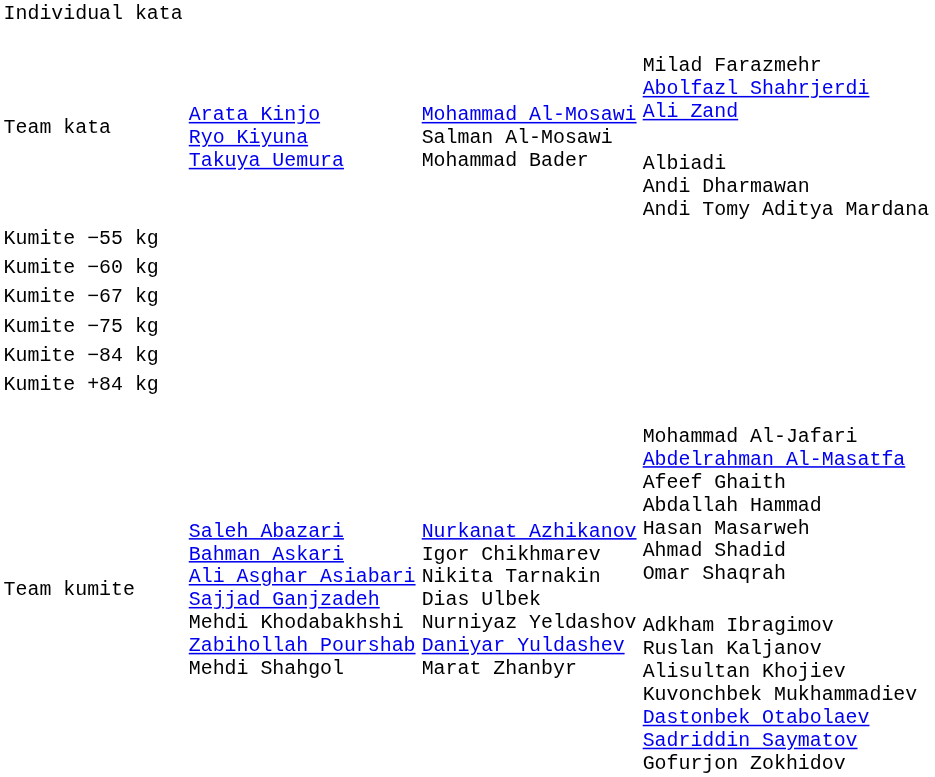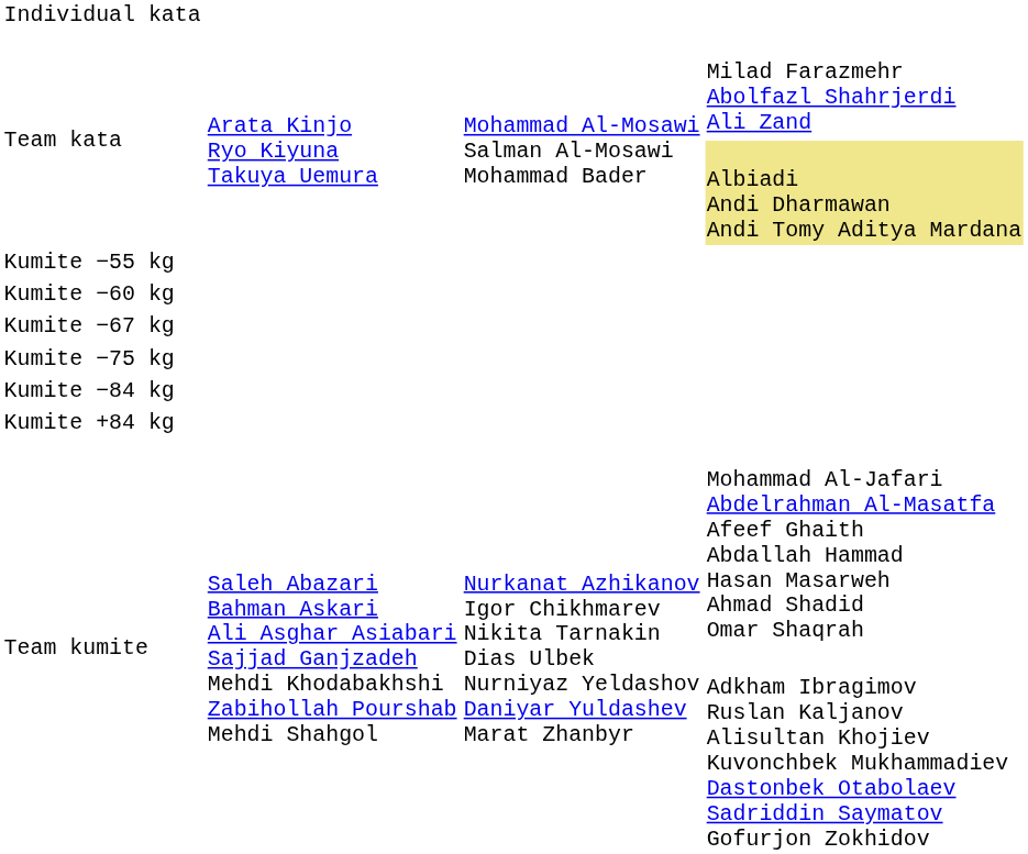 <table>
 <tr>
 <td rowspan=2>Individual kata</td>
 <td rowspan=2></td>
 <td rowspan=2></td>
 <td></td>
 </tr>
 <tr>
 <td></td>
 </tr>
 <tr>
 <td rowspan=2>Team kata</td>
 <td rowspan=2><br><a href='#'>Arata Kinjo</a><br><a href='#'>Ryo Kiyuna</a><br><a href='#'>Takuya Uemura</a></td>
 <td rowspan=2><br><a href='#'>Mohammad Al-Mosawi</a><br>Salman Al-Mosawi<br>Mohammad Bader</td>
 <td><br>Milad Farazmehr<br><a href='#'>Abolfazl Shahrjerdi</a><br><a href='#'>Ali Zand</a></td>
 </tr>
 <tr>
-<td><br>Albiadi<br>Andi Dharmawan<br>Andi Tomy Aditya Mardana</td>
+<td style="background: khaki;"><br>Albiadi<br>Andi Dharmawan<br>Andi Tomy Aditya Mardana</td>
 </tr>
 <tr>
 <td rowspan=2>Kumite −55 kg</td>
 <td rowspan=2></td>
 <td rowspan=2></td>
 <td></td>
 </tr>
 <tr>
 <td></td>
 </tr>
 <tr>
 <td rowspan=2>Kumite −60 kg</td>
 <td rowspan=2></td>
 <td rowspan=2></td>
 <td></td>
 </tr>
 <tr>
 <td></td>
 </tr>
 <tr>
 <td rowspan=2>Kumite −67 kg</td>
 <td rowspan=2></td>
 <td rowspan=2></td>
 <td></td>
 </tr>
 <tr>
 <td></td>
 </tr>
 <tr>
 <td rowspan=2>Kumite −75 kg</td>
 <td rowspan=2></td>
 <td rowspan=2></td>
 <td></td>
 </tr>
 <tr>
 <td></td>
 </tr>
 <tr>
 <td rowspan=2>Kumite −84 kg</td>
 <td rowspan=2></td>
 <td rowspan=2></td>
 <td></td>
 </tr>
 <tr>
 <td></td>
 </tr>
 <tr>
 <td rowspan=2>Kumite +84 kg</td>
 <td rowspan=2></td>
 <td rowspan=2></td>
 <td></td>
 </tr>
 <tr>
 <td></td>
 </tr>
 <tr>
 <td rowspan=2>Team kumite</td>
 <td rowspan=2><br><a href='#'>Saleh Abazari</a><br><a href='#'>Bahman Askari</a><br><a href='#'>Ali Asghar Asiabari</a><br><a href='#'>Sajjad Ganjzadeh</a><br>Mehdi Khodabakhshi<br><a href='#'>Zabihollah Pourshab</a><br>Mehdi Shahgol</td>
 <td rowspan=2><br><a href='#'>Nurkanat Azhikanov</a><br>Igor Chikhmarev<br>Nikita Tarnakin<br>Dias Ulbek<br>Nurniyaz Yeldashov<br><a href='#'>Daniyar Yuldashev</a><br>Marat Zhanbyr</td>
 <td><br>Mohammad Al-Jafari<br><a href='#'>Abdelrahman Al-Masatfa</a><br>Afeef Ghaith<br>Abdallah Hammad<br>Hasan Masarweh<br>Ahmad Shadid<br>Omar Shaqrah</td>
 </tr>
 <tr>
 <td><br>Adkham Ibragimov<br>Ruslan Kaljanov<br>Alisultan Khojiev<br>Kuvonchbek Mukhammadiev<br><a href='#'>Dastonbek Otabolaev</a><br><a href='#'>Sadriddin Saymatov</a><br>Gofurjon Zokhidov</td>
 </tr>
 </table>
